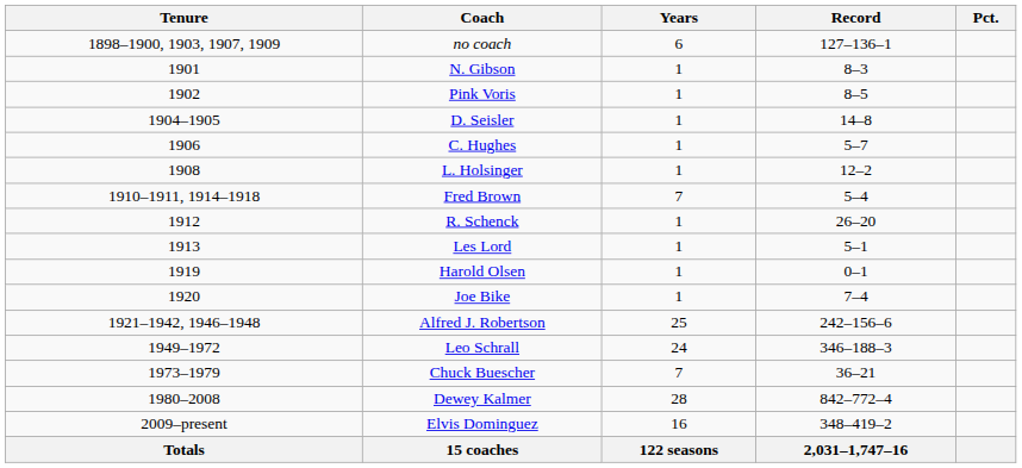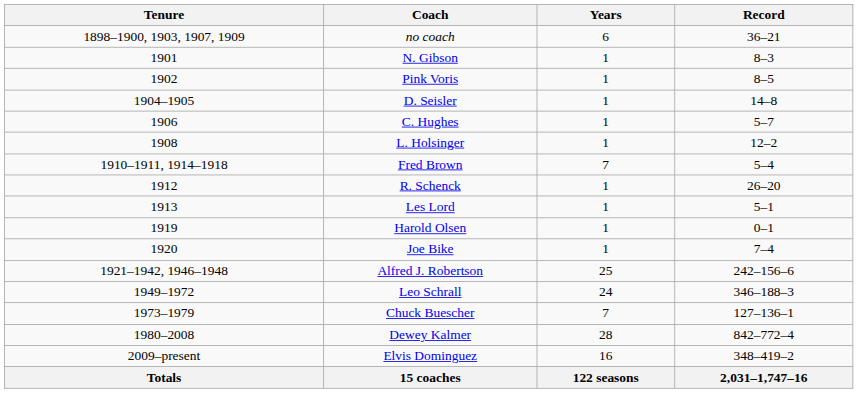 <table cellpadding="1" border="1" cellspacing="0" width="80%" class="wikitable sortable">
 <tr>
 <th>Tenure</th>
 <th>Coach</th>
 <th>Years</th>
 <th>Record</th>
-<th>Pct.</th>
 </tr>
 <tr align="center">
 <td>1898–1900, 1903, 1907, 1909</td>
 <td><em>no coach</em></td>
 <td>6</td>
-<td>127–136–1</td>
-<td></td>
+<td>36–21</td>
 </tr>
 <tr align="center">
 <td>1901</td>
 <td><a href='#'>N. Gibson</a></td>
 <td>1</td>
 <td>8–3</td>
-<td></td>
 </tr>
 <tr align="center">
 <td>1902</td>
 <td><a href='#'>Pink Voris</a></td>
 <td>1</td>
 <td>8–5</td>
-<td></td>
 </tr>
 <tr align="center">
 <td>1904–1905</td>
 <td><a href='#'>D. Seisler</a></td>
 <td>1</td>
 <td>14–8</td>
-<td></td>
 </tr>
 <tr align="center">
 <td>1906</td>
 <td><a href='#'>C. Hughes</a></td>
 <td>1</td>
 <td>5–7</td>
-<td></td>
 </tr>
 <tr align="center">
 <td>1908</td>
 <td><a href='#'>L. Holsinger</a></td>
 <td>1</td>
 <td>12–2</td>
-<td></td>
 </tr>
 <tr align="center">
 <td>1910–1911, 1914–1918</td>
 <td><a href='#'>Fred Brown</a></td>
 <td>7</td>
 <td>5–4</td>
-<td></td>
 </tr>
 <tr align="center">
 <td>1912</td>
 <td><a href='#'>R. Schenck</a></td>
 <td>1</td>
 <td>26–20</td>
-<td></td>
 </tr>
 <tr align="center">
 <td>1913</td>
 <td><a href='#'>Les Lord</a></td>
 <td>1</td>
 <td>5–1</td>
-<td></td>
 </tr>
 <tr align="center">
 <td>1919</td>
 <td><a href='#'>Harold Olsen</a></td>
 <td>1</td>
 <td>0–1</td>
-<td></td>
 </tr>
 <tr align="center">
 <td>1920</td>
 <td><a href='#'>Joe Bike</a></td>
 <td>1</td>
 <td>7–4</td>
-<td></td>
 </tr>
 <tr align="center">
 <td>1921–1942, 1946–1948</td>
 <td><a href='#'>Alfred J. Robertson</a></td>
 <td>25</td>
 <td>242–156–6</td>
-<td></td>
 </tr>
 <tr align="center">
 <td>1949–1972</td>
 <td><a href='#'>Leo Schrall</a></td>
 <td>24</td>
 <td>346–188–3</td>
-<td></td>
 </tr>
 <tr align="center">
 <td>1973–1979</td>
 <td><a href='#'>Chuck Buescher</a></td>
 <td>7</td>
-<td>36–21</td>
-<td></td>
+<td>127–136–1</td>
 </tr>
 <tr align="center">
 <td>1980–2008</td>
 <td><a href='#'>Dewey Kalmer</a></td>
 <td>28</td>
 <td>842–772–4</td>
-<td></td>
 </tr>
 <tr align="center">
 <td>2009–present</td>
 <td><a href='#'>Elvis Dominguez</a></td>
 <td>16</td>
 <td>348–419–2</td>
-<td></td>
 </tr>
 <tr align="center" class="sortbottom">
 <th>Totals</th>
 <th>15 coaches</th>
 <th>122 seasons</th>
 <th>2,031–1,747–16</th>
-<th></th>
 </tr>
 </table>
